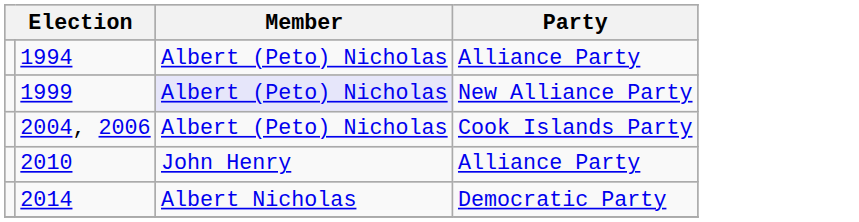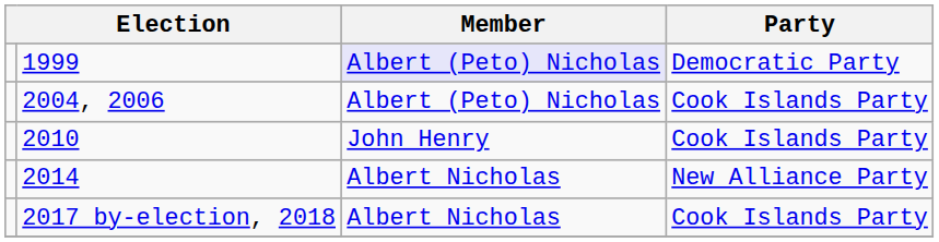 <table class="wikitable">
 <tr>
 <th colspan="2">Election</th>
 <th>Member</th>
 <th>Party</th>
 </tr>
 <tr>
 <td style="background-color: "></td>
-<td><a href='#'>1994</a></td>
-<td><a href='#'>Albert (Peto) Nicholas</a></td>
-<td><a href='#'>Alliance Party</a></td>
-</tr>
-<tr>
-<td style="background-color: "></td>
 <td><a href='#'>1999</a></td>
 <td style="background: lavender;"><a href='#'>Albert (Peto) Nicholas</a></td>
-<td><a href='#'>New Alliance Party</a></td>
+<td><a href='#'>Democratic Party</a></td>
 </tr>
 <tr>
 <td style="background-color: "></td>
 <td><a href='#'>2004</a>, <a href='#'>2006</a></td>
 <td><a href='#'>Albert (Peto) Nicholas</a></td>
 <td><a href='#'>Cook Islands Party</a></td>
 </tr>
 <tr>
 <td style="background-color: "></td>
 <td><a href='#'>2010</a></td>
 <td><a href='#'>John Henry</a></td>
-<td><a href='#'>Alliance Party</a></td>
+<td><a href='#'>Cook Islands Party</a></td>
 </tr>
 <tr>
 <td style="background-color: "></td>
 <td><a href='#'>2014</a></td>
 <td><a href='#'>Albert Nicholas</a></td>
-<td><a href='#'>Democratic Party</a></td>
+<td><a href='#'>New Alliance Party</a></td>
+</tr>
+<tr>
+<td style="background-color: "></td>
+<td><a href='#'>2017 by-election</a>, <a href='#'>2018</a></td>
+<td><a href='#'>Albert Nicholas</a></td>
+<td><a href='#'>Cook Islands Party</a></td>
 </tr>
 <tr>
 </tr>
 </table>
